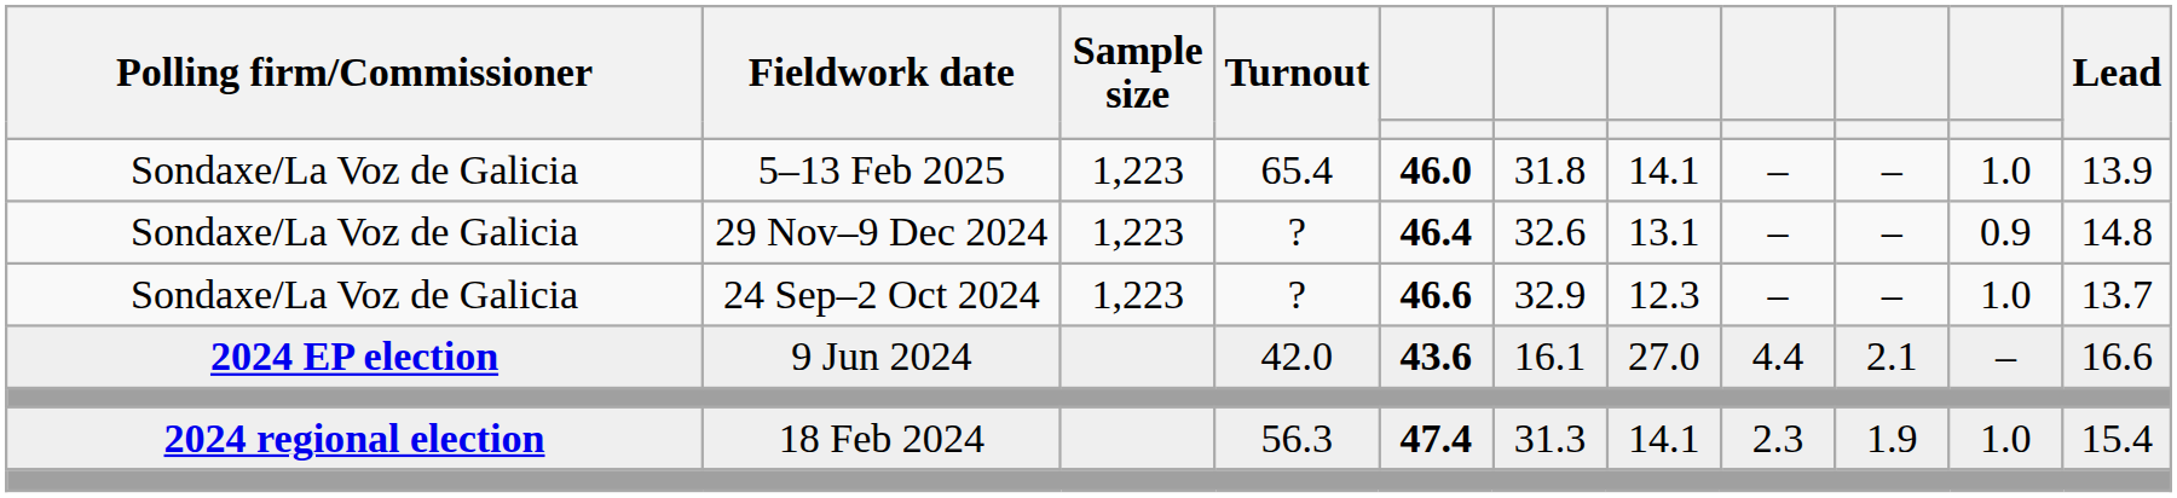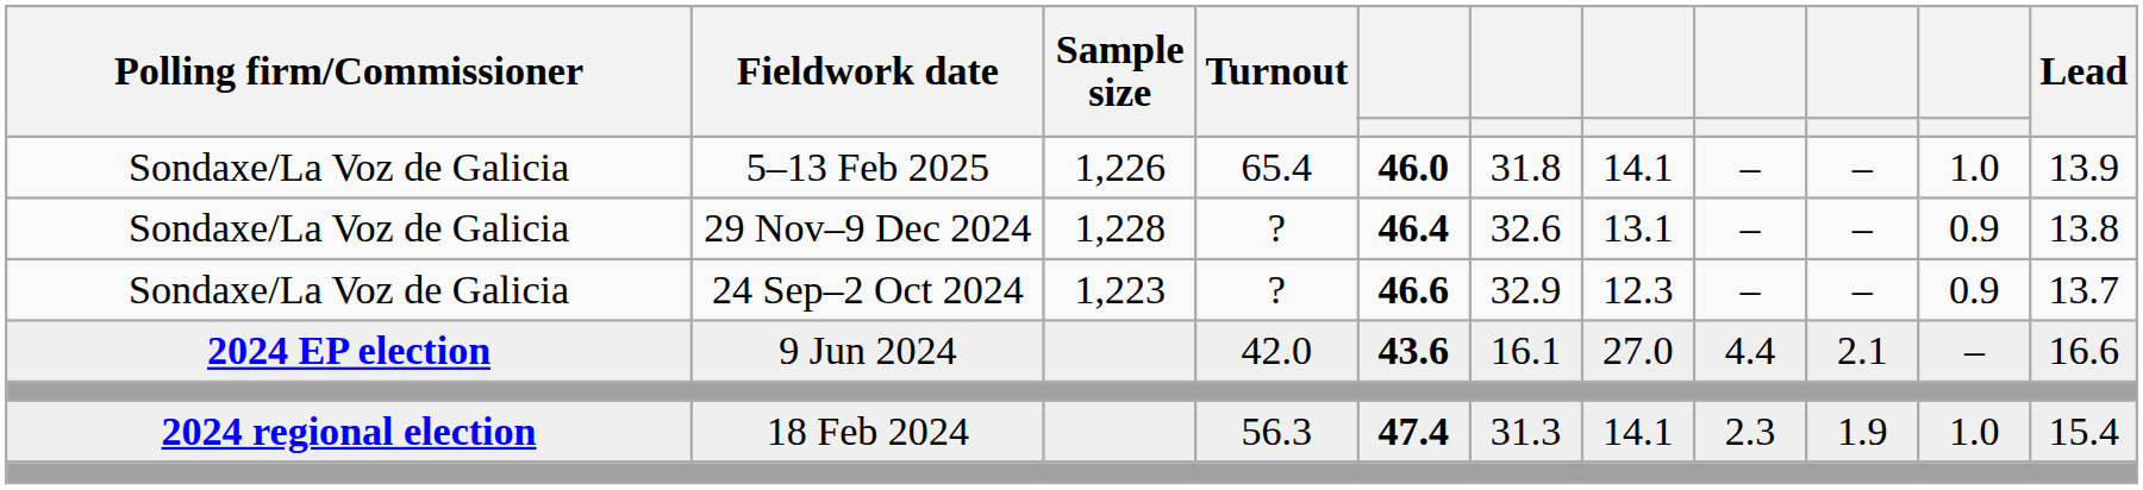 <table class="wikitable collapsible" style="text-align:center; font-size:95%; line-height:16px;">
 <tr style="height:42px;">
 <th style="width:250px;" rowspan="2">Polling firm/Commissioner</th>
 <th style="width:125px;" rowspan="2">Fieldwork date</th>
 <th style="width:50px;" rowspan="2">Sample size</th>
 <th style="width:45px;" rowspan="2">Turnout</th>
 <th style="width:35px;"></th>
 <th style="width:35px;"></th>
 <th style="width:35px;"></th>
 <th style="width:35px;"></th>
 <th style="width:35px;"></th>
 <th style="width:35px;"></th>
 <th style="width:30px;" rowspan="2">Lead</th>
 </tr>
 <tr>
 <th style="color:inherit;background:"></th>
 <th style="color:inherit;background:"></th>
 <th style="color:inherit;background:"></th>
 <th style="color:inherit;background:"></th>
 <th style="color:inherit;background:"></th>
 <th style="color:inherit;background:"></th>
 </tr>
 <tr>
 <td>Sondaxe/La Voz de Galicia</td>
 <td>5–13 Feb 2025</td>
-<td>1,223</td>
+<td>1,226</td>
 <td>65.4</td>
 <td><strong>46.0</strong><br></td>
 <td>31.8<br></td>
 <td>14.1<br></td>
 <td>–</td>
 <td>–</td>
 <td>1.0<br></td>
 <td style="background:">13.9</td>
 </tr>
 <tr>
 <td>Sondaxe/La Voz de Galicia</td>
 <td>29 Nov–9 Dec 2024</td>
-<td>1,223</td>
+<td>1,228</td>
 <td>?</td>
 <td><strong>46.4</strong><br></td>
 <td>32.6<br></td>
 <td>13.1<br></td>
 <td>–</td>
 <td>–</td>
 <td>0.9<br></td>
-<td style="background:">14.8</td>
+<td style="background:">13.8</td>
 </tr>
 <tr>
 <td>Sondaxe/La Voz de Galicia</td>
 <td>24 Sep–2 Oct 2024</td>
 <td>1,223</td>
 <td>?</td>
 <td><strong>46.6</strong><br></td>
 <td>32.9<br></td>
 <td>12.3<br></td>
 <td>–</td>
 <td>–</td>
-<td>1.0<br></td>
+<td>0.9<br></td>
 <td style="background:">13.7</td>
 </tr>
 <tr style="background:#EFEFEF;">
 <td><strong><a href='#'>2024 EP election</a></strong></td>
 <td>9 Jun 2024</td>
 <td></td>
 <td>42.0</td>
 <td><strong>43.6</strong><br></td>
 <td>16.1<br></td>
 <td>27.0<br></td>
 <td>4.4<br></td>
 <td>2.1<br></td>
 <td>–</td>
 <td style="background:">16.6</td>
 </tr>
 <tr>
 <td colspan="11" style="background:#A0A0A0"></td>
 </tr>
 <tr style="background:#EFEFEF;">
 <td><strong><a href='#'>2024 regional election</a></strong></td>
 <td>18 Feb 2024</td>
 <td></td>
 <td>56.3</td>
 <td><strong>47.4</strong><br></td>
 <td>31.3<br></td>
 <td>14.1<br></td>
 <td>2.3<br></td>
 <td>1.9<br></td>
 <td>1.0<br></td>
 <td style="background:">15.4</td>
 </tr>
 <tr>
 <td colspan="11" style="background:#A0A0A0"></td>
 </tr>
 </table>
